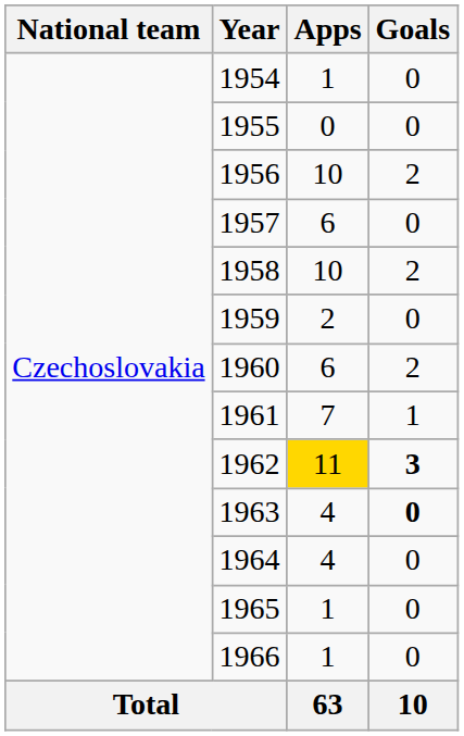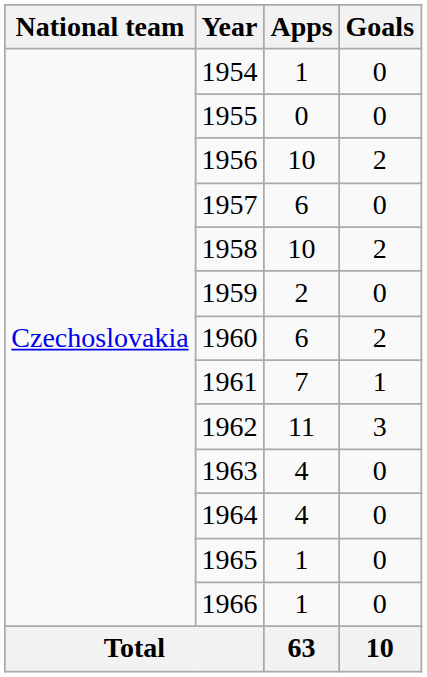 <table class="wikitable" style="text-align:center">
 <tr>
 <th>National team</th>
 <th>Year</th>
 <th>Apps</th>
 <th>Goals</th>
 </tr>
 <tr>
 <td rowspan="13"><a href='#'>Czechoslovakia</a></td>
 <td>1954</td>
 <td>1</td>
 <td>0</td>
 </tr>
 <tr>
 <td>1955</td>
 <td>0</td>
 <td>0</td>
 </tr>
 <tr>
 <td>1956</td>
 <td>10</td>
 <td>2</td>
 </tr>
 <tr>
 <td>1957</td>
 <td>6</td>
 <td>0</td>
 </tr>
 <tr>
 <td>1958</td>
 <td>10</td>
 <td>2</td>
 </tr>
 <tr>
 <td>1959</td>
 <td>2</td>
 <td>0</td>
 </tr>
 <tr>
 <td>1960</td>
 <td>6</td>
 <td>2</td>
 </tr>
 <tr>
 <td>1961</td>
 <td>7</td>
 <td>1</td>
 </tr>
 <tr>
 <td>1962</td>
-<td style="background: gold;">11</td>
-<td><strong>3</strong></td>
+<td>11</td>
+<td>3</td>
 </tr>
 <tr>
 <td>1963</td>
 <td>4</td>
-<td><strong>0</strong></td>
+<td>0</td>
 </tr>
 <tr>
 <td>1964</td>
 <td>4</td>
 <td>0</td>
 </tr>
 <tr>
 <td>1965</td>
 <td>1</td>
 <td>0</td>
 </tr>
 <tr>
 <td>1966</td>
 <td>1</td>
 <td>0</td>
 </tr>
 <tr>
 <th colspan="2">Total</th>
 <th>63</th>
 <th>10</th>
 </tr>
 </table>
